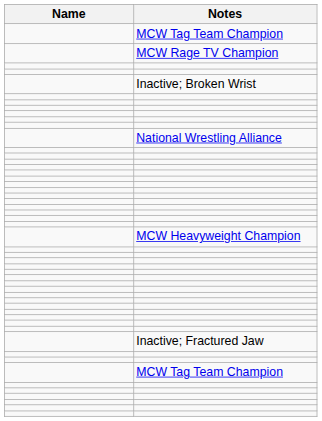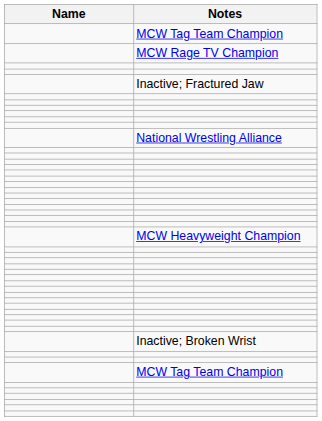 <table class="wikitable sortable" style="width:46%;">
 <tr>
 <th width=19%>Name</th>
 <th width=27%>Notes</th>
 </tr>
 <tr>
 <td></td>
 <td><a href='#'>MCW Tag Team Champion</a></td>
 </tr>
 <tr>
 <td></td>
 <td><a href='#'>MCW Rage TV Champion</a></td>
 </tr>
 <tr>
 <td></td>
 <td></td>
 </tr>
 <tr>
 <td></td>
 <td></td>
 </tr>
 <tr>
 <td></td>
-<td>Inactive; Broken Wrist</td>
+<td>Inactive; Fractured Jaw</td>
 </tr>
 <tr>
 <td></td>
 <td></td>
 </tr>
 <tr>
 <td></td>
 <td></td>
 </tr>
 <tr>
 <td></td>
 <td></td>
 </tr>
 <tr>
 <td></td>
 <td></td>
 </tr>
 <tr>
 <td></td>
 <td></td>
 </tr>
 <tr>
 <td></td>
 <td></td>
 </tr>
 <tr>
 <td></td>
 <td><a href='#'>National Wrestling Alliance</a></td>
 </tr>
 <tr>
 <td></td>
 <td></td>
 </tr>
 <tr>
 <td></td>
 <td></td>
 </tr>
 <tr>
 <td></td>
 <td></td>
 </tr>
 <tr>
 <td></td>
 <td></td>
 </tr>
 <tr>
 <td></td>
 <td></td>
 </tr>
 <tr>
 <td></td>
 <td></td>
 </tr>
 <tr>
 <td></td>
 <td></td>
 </tr>
 <tr>
 <td></td>
 <td></td>
 </tr>
 <tr>
 <td></td>
 <td></td>
 </tr>
 <tr>
 <td></td>
 <td></td>
 </tr>
 <tr>
 <td></td>
 <td></td>
 </tr>
 <tr>
 <td></td>
 <td></td>
 </tr>
 <tr>
 <td></td>
 <td></td>
 </tr>
 <tr>
 <td></td>
 <td></td>
 </tr>
 <tr>
 <td></td>
 <td><a href='#'>MCW Heavyweight Champion</a></td>
 </tr>
 <tr>
 <td></td>
 <td></td>
 </tr>
 <tr>
 <td></td>
 <td></td>
 </tr>
 <tr>
 <td></td>
 <td></td>
 </tr>
 <tr>
 <td></td>
 <td></td>
 </tr>
 <tr>
 <td></td>
 <td></td>
 </tr>
 <tr>
 <td></td>
 <td></td>
 </tr>
 <tr>
 <td></td>
 <td></td>
 </tr>
 <tr>
 <td></td>
 <td></td>
 </tr>
 <tr>
 <td></td>
 <td></td>
 </tr>
 <tr>
 <td></td>
 <td></td>
 </tr>
 <tr>
 <td></td>
 <td></td>
 </tr>
 <tr>
 <td></td>
 <td></td>
 </tr>
 <tr>
 <td></td>
 <td></td>
 </tr>
 <tr>
 <td></td>
 <td></td>
 </tr>
 <tr>
 <td></td>
 <td></td>
 </tr>
 <tr>
 <td></td>
-<td>Inactive; Fractured Jaw</td>
+<td>Inactive; Broken Wrist</td>
 </tr>
 <tr>
 <td></td>
 <td></td>
 </tr>
 <tr>
 <td></td>
 <td></td>
 </tr>
 <tr>
 <td></td>
 <td><a href='#'>MCW Tag Team Champion</a></td>
 </tr>
 <tr>
 <td></td>
 <td></td>
 </tr>
 <tr>
 <td></td>
 <td></td>
 </tr>
 <tr>
 <td></td>
 <td></td>
 </tr>
 <tr>
 <td></td>
 <td></td>
 </tr>
 <tr>
 <td></td>
 <td></td>
 </tr>
 <tr>
 <td></td>
 <td></td>
 </tr>
 </table>
